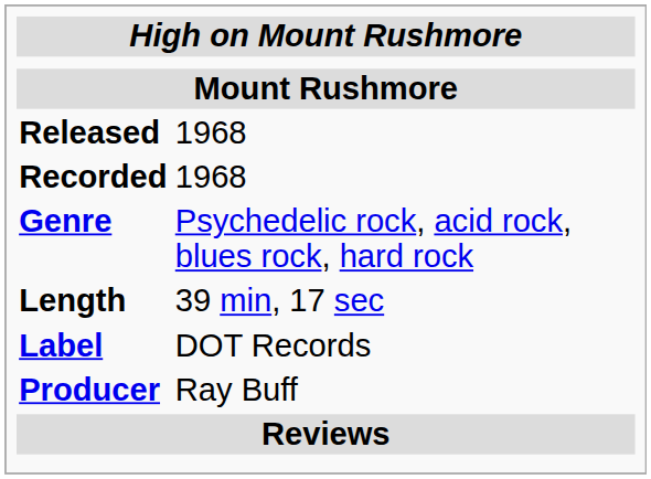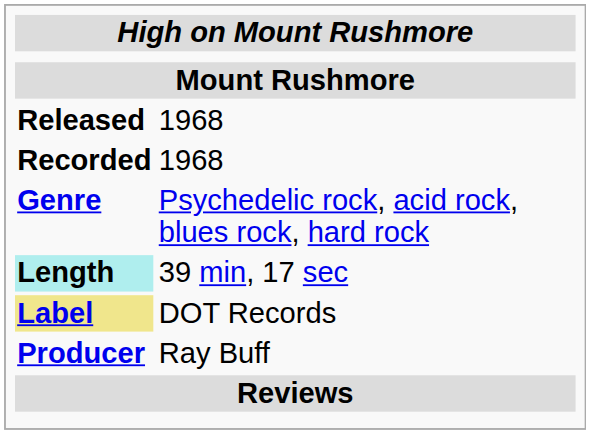 <table class="infobox" style="width:20em;">
 <tr>
 <th style="background: Gainsboro;" colspan="3"><strong><em>High on Mount Rushmore</em></strong></th>
 </tr>
 <tr style="text-align:center;">
 <td colspan="3"></td>
 </tr>
 <tr>
 <th style="background: Gainsboro;" colspan="3">Mount Rushmore</th>
 </tr>
 <tr>
 <td><strong>Released</strong></td>
 <td colspan="2">1968</td>
 </tr>
 <tr>
 <td><strong>Recorded</strong></td>
 <td colspan="2">1968</td>
 </tr>
 <tr>
 <td><strong><a href='#'>Genre</a></strong></td>
 <td colspan="2"><a href='#'>Psychedelic rock</a>, <a href='#'>acid rock</a>, <a href='#'>blues rock</a>, <a href='#'>hard rock</a></td>
 </tr>
 <tr>
-<td><strong>Length</strong></td>
+<td style="background: paleturquoise;"><strong>Length</strong></td>
 <td colspan="2">39 <a href='#'>min</a>, 17 <a href='#'>sec</a></td>
 </tr>
 <tr>
-<td style="padding-right:1em;"><strong><a href='#'>Label</a></strong></td>
+<td style="background: khaki; padding-right:1em;"><strong><a href='#'>Label</a></strong></td>
 <td colspan="2">DOT Records</td>
 </tr>
 <tr>
 <td><strong><a href='#'>Producer</a></strong></td>
 <td colspan="2">Ray Buff</td>
 </tr>
 <tr>
 <th style="background: Gainsboro;" colspan="3">Reviews</th>
 </tr>
 <tr>
 <td colspan="3"></td>
 </tr>
 </table>
